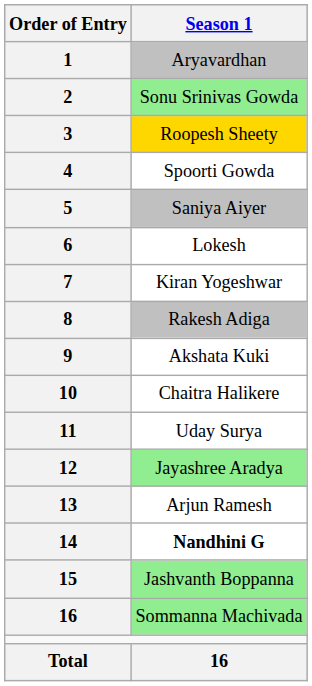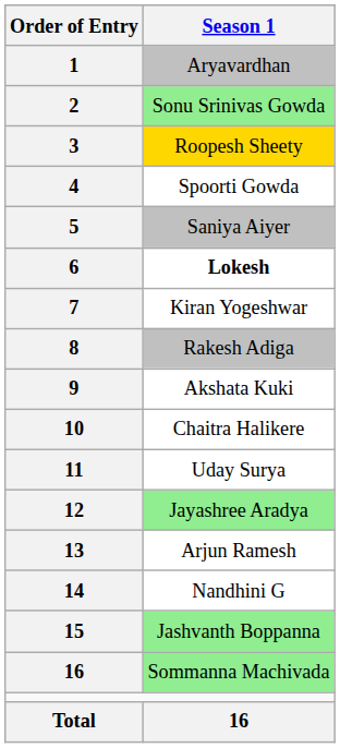 <table class="wikitable sortable" style="text-align:center;font-size: 80%; line-height:20px; width:auto;">
 <tr bgcolor="#CCCCCC" align="center">
 <th>Order of Entry</th>
 <th><a href='#'>Season 1</a></th>
 </tr>
 <tr>
 <th bgcolor="#CCCCCC">1</th>
 <td style="background:silver;">Aryavardhan</td>
 </tr>
 <tr>
 <th bgcolor="#CCCCCC">2</th>
 <td style="background:lightgreen;">Sonu Srinivas Gowda</td>
 </tr>
 <tr>
 <th bgcolor="#CCCCCC">3</th>
 <td style="background:gold;">Roopesh Sheety</td>
 </tr>
 <tr>
 <th bgcolor="#CCCCCC">4</th>
 <td style="background:#fff;">Spoorti Gowda</td>
 </tr>
 <tr>
 <th bgcolor="#CCCCCC">5</th>
 <td style="background:silver;">Saniya Aiyer</td>
 </tr>
 <tr>
 <th bgcolor="#CCCCCC">6</th>
-<td style="background:#fff;">Lokesh</td>
+<td style="background:#fff;"><strong>Lokesh</strong></td>
 </tr>
 <tr>
 <th bgcolor="#CCCCCC">7</th>
 <td style="background:#fff;">Kiran Yogeshwar</td>
 </tr>
 <tr>
 <th bgcolor="#CCCCCC">8</th>
 <td style="background:silver;">Rakesh Adiga</td>
 </tr>
 <tr>
 <th bgcolor="#CCCCCC">9</th>
 <td style="background:#fff;">Akshata Kuki</td>
 </tr>
 <tr>
 <th bgcolor="#CCCCCC">10</th>
 <td style="background:#fff;">Chaitra Halikere</td>
 </tr>
 <tr>
 <th bgcolor="#CCCCCC">11</th>
 <td style="background:#fff;">Uday Surya</td>
 </tr>
 <tr>
 <th bgcolor="#CCCCCC">12</th>
 <td style="background:lightgreen;">Jayashree Aradya</td>
 </tr>
 <tr>
 <th bgcolor="#CCCCCC">13</th>
 <td style="background:#fff;">Arjun Ramesh</td>
 </tr>
 <tr>
 <th bgcolor="#CCCCCC">14</th>
-<td style="background:#fff;"><strong>Nandhini G</strong></td>
+<td style="background:#fff;">Nandhini G</td>
 </tr>
 <tr>
 <th bgcolor="#CCCCCC">15</th>
 <td style="background:lightgreen;">Jashvanth Boppanna</td>
 </tr>
 <tr>
 <th bgcolor="#CCCCCC">16</th>
 <td style="background:lightgreen;">Sommanna Machivada</td>
 </tr>
 <tr>
 <td colspan="2"></td>
 </tr>
 <tr bgcolor="#CCCCCC">
 <th>Total</th>
 <th>16</th>
 </tr>
 </table>
